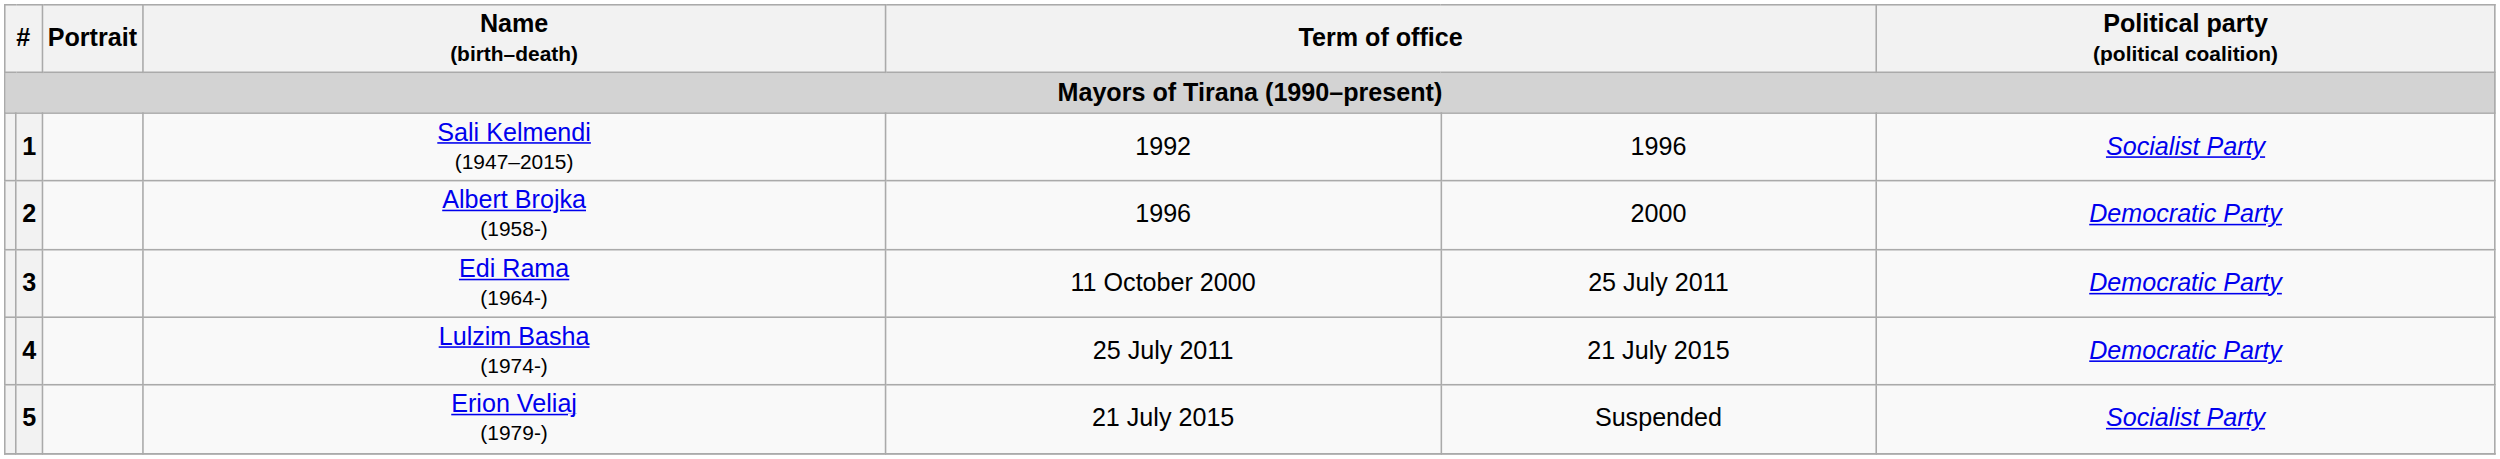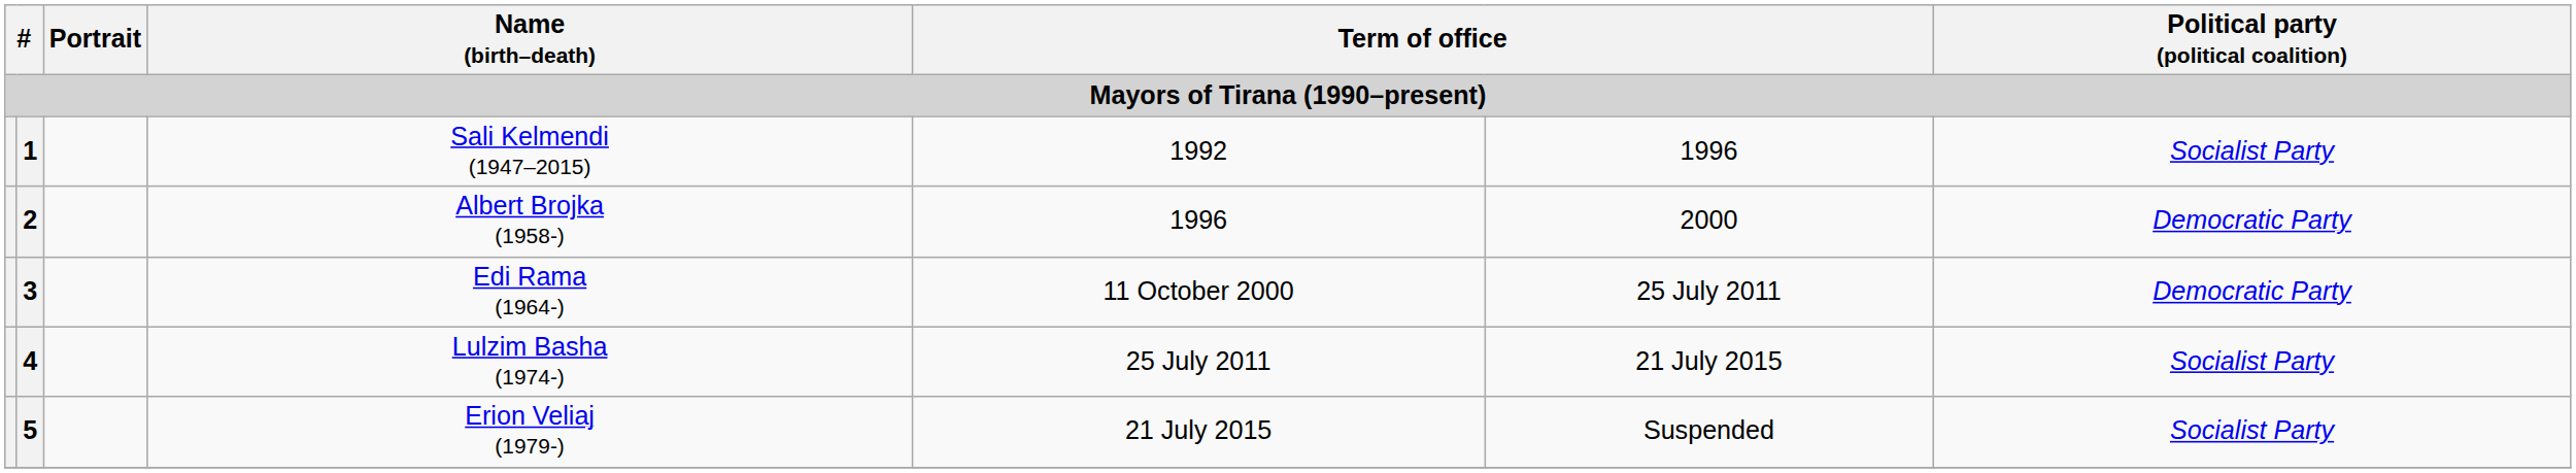 <table class="wikitable" style="width:80%; text-align:center;">
 <tr>
 <th colspan="2" width=20>#</th>
 <th width=70>Portrait</th>
 <th width=30%>Name<br><small>(birth–death)</small></th>
 <th colspan="2" width=40%>Term of office</th>
 <th width=25%>Political party<br><small>(political coalition)</small></th>
 </tr>
 <tr>
 <td colspan="9" bgcolor="lightgrey" align=center><strong>Mayors of Tirana (1990–present)</strong></td>
 </tr>
 <tr>
 <th style="background:"></th>
 <th>1</th>
 <td></td>
 <td><a href='#'>Sali Kelmendi</a><br><small>(1947–2015)</small></td>
 <td>1992</td>
 <td>1996</td>
 <td><em><a href='#'>Socialist Party</a></em></td>
 </tr>
 <tr>
 <th style="background:"></th>
 <th>2</th>
 <td></td>
 <td><a href='#'>Albert Brojka</a><br><small>(1958-)</small></td>
 <td>1996</td>
 <td>2000</td>
 <td><em><a href='#'>Democratic Party</a></em></td>
 </tr>
 <tr>
 <th style="background:"></th>
 <th>3</th>
 <td></td>
 <td><a href='#'>Edi Rama</a><br><small>(1964-)</small></td>
 <td>11 October 2000</td>
 <td>25 July 2011</td>
 <td><em><a href='#'>Democratic Party</a></em></td>
 </tr>
 <tr>
 <th style="background:"></th>
 <th>4</th>
 <td></td>
 <td><a href='#'>Lulzim Basha</a><br><small>(1974-)</small></td>
 <td>25 July 2011</td>
 <td>21 July 2015</td>
-<td><em><a href='#'>Democratic Party</a></em></td>
+<td><em><a href='#'>Socialist Party</a></em></td>
 </tr>
 <tr>
 <th style="background:"></th>
 <th>5</th>
 <td></td>
 <td><a href='#'>Erion Veliaj</a><br><small>(1979-)</small></td>
 <td>21 July 2015</td>
 <td>Suspended</td>
 <td><em><a href='#'>Socialist Party</a></em></td>
 </tr>
 <tr>
 </tr>
 </table>
